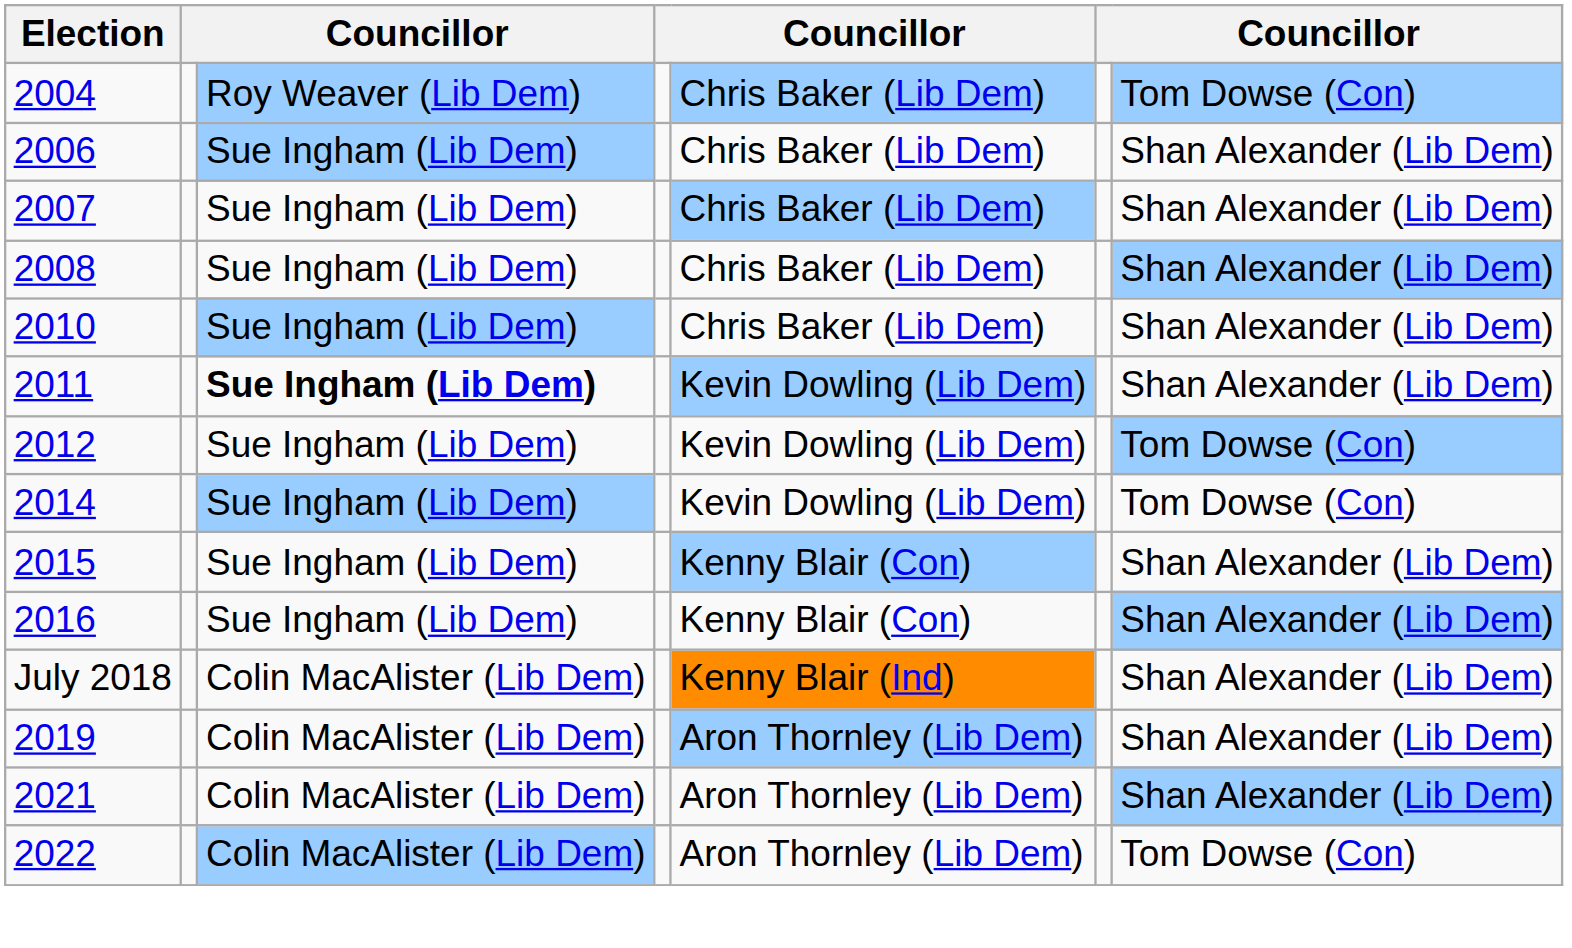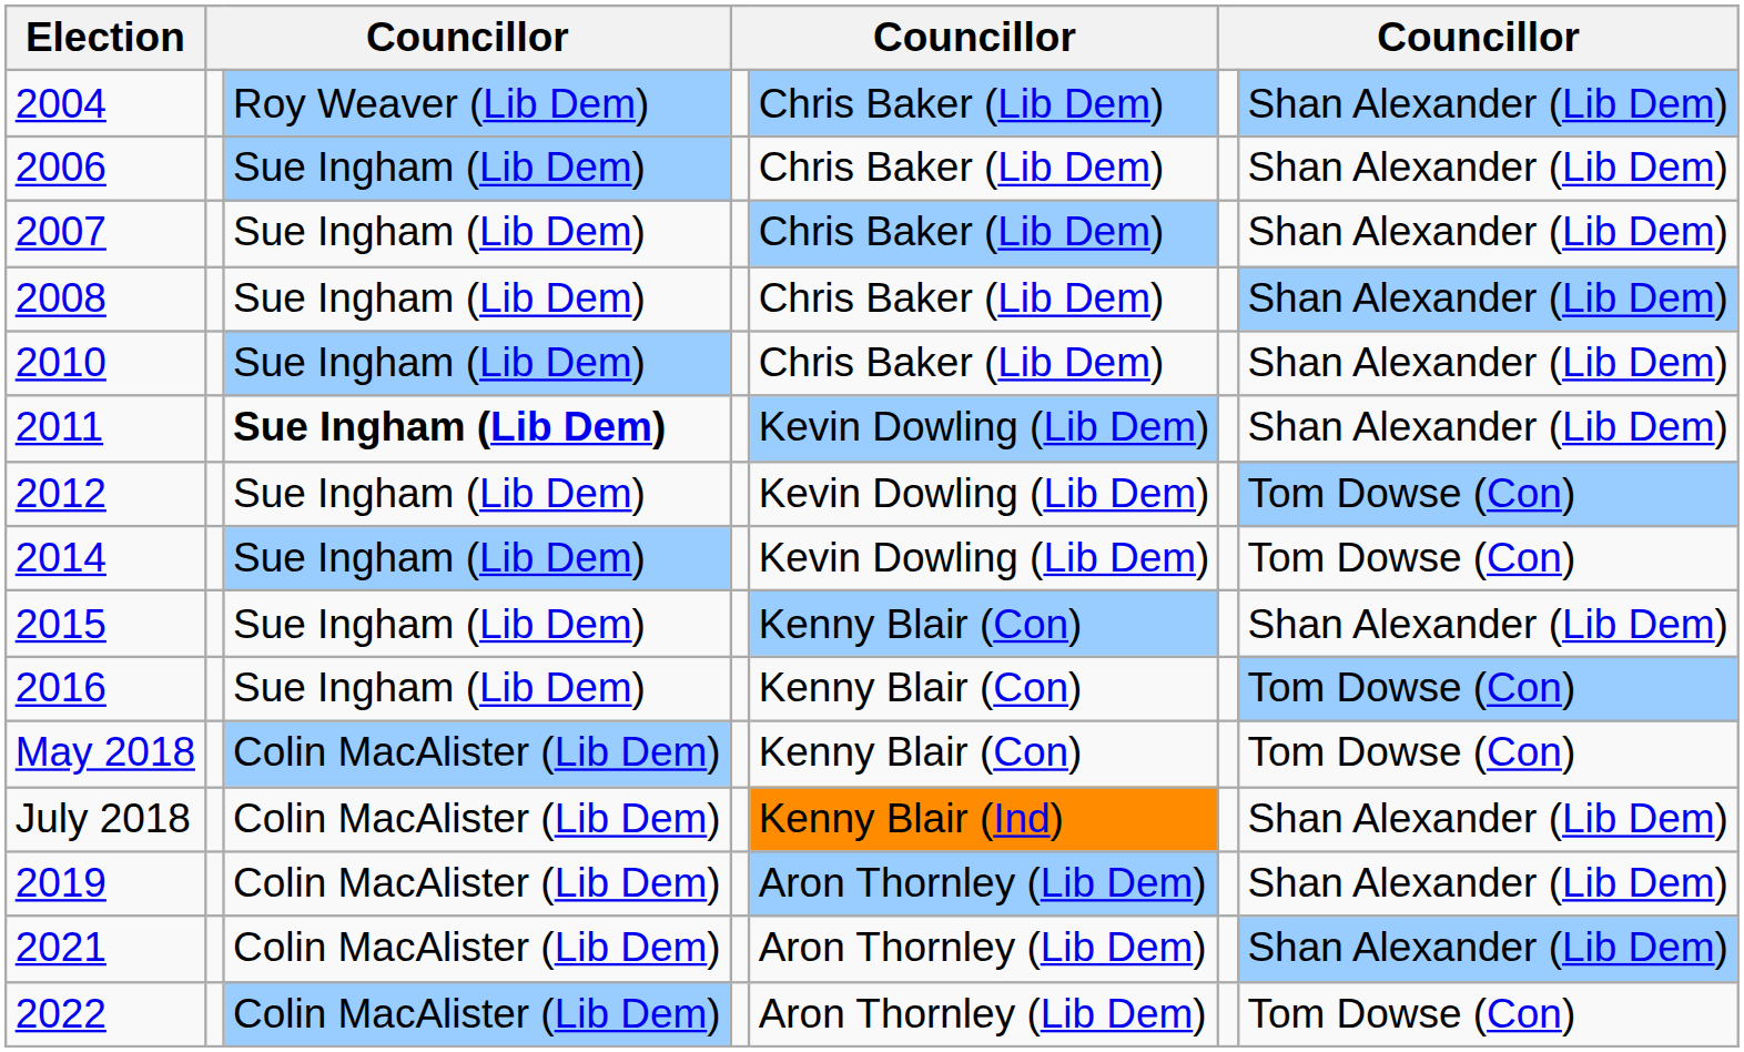 <table class="wikitable">
 <tr>
 <th>Election</th>
 <th colspan="2">Councillor</th>
 <th colspan="2">Councillor</th>
 <th colspan="2">Councillor</th>
 </tr>
 <tr>
 <td><a href='#'>2004</a></td>
 <td style="background-color: "></td>
 <td bgcolor="#99CCFF">Roy Weaver (<a href='#'>Lib Dem</a>)</td>
 <td style="background-color: "></td>
 <td bgcolor="#99CCFF">Chris Baker (<a href='#'>Lib Dem</a>)</td>
 <td style="background-color: "></td>
-<td bgcolor="#99CCFF">Tom Dowse (<a href='#'>Con</a>)</td>
+<td bgcolor="#99CCFF">Shan Alexander (<a href='#'>Lib Dem</a>)</td>
 </tr>
 <tr>
 <td><a href='#'>2006</a></td>
 <td style="background-color: "></td>
 <td bgcolor="#99CCFF">Sue Ingham (<a href='#'>Lib Dem</a>)</td>
 <td style="background-color: "></td>
 <td>Chris Baker (<a href='#'>Lib Dem</a>)</td>
 <td style="background-color: "></td>
 <td>Shan Alexander (<a href='#'>Lib Dem</a>)</td>
 </tr>
 <tr>
 <td><a href='#'>2007</a></td>
 <td style="background-color: "></td>
 <td>Sue Ingham (<a href='#'>Lib Dem</a>)</td>
 <td style="background-color: "></td>
 <td bgcolor="#99CCFF">Chris Baker (<a href='#'>Lib Dem</a>)</td>
 <td style="background-color: "></td>
 <td>Shan Alexander (<a href='#'>Lib Dem</a>)</td>
 </tr>
 <tr>
 <td><a href='#'>2008</a></td>
 <td style="background-color: "></td>
 <td>Sue Ingham (<a href='#'>Lib Dem</a>)</td>
 <td style="background-color: "></td>
 <td>Chris Baker (<a href='#'>Lib Dem</a>)</td>
 <td style="background-color: "></td>
 <td bgcolor="#99CCFF">Shan Alexander (<a href='#'>Lib Dem</a>)</td>
 </tr>
 <tr>
 <td><a href='#'>2010</a></td>
 <td style="background-color: "></td>
 <td bgcolor="#99CCFF">Sue Ingham (<a href='#'>Lib Dem</a>)</td>
 <td style="background-color: "></td>
 <td>Chris Baker (<a href='#'>Lib Dem</a>)</td>
 <td style="background-color: "></td>
 <td>Shan Alexander (<a href='#'>Lib Dem</a>)</td>
 </tr>
 <tr>
 <td><a href='#'>2011</a></td>
 <td style="background-color: "></td>
 <td><strong>Sue Ingham (<a href='#'>Lib Dem</a>)</strong></td>
 <td style="background-color: "></td>
 <td bgcolor="#99CCFF">Kevin Dowling (<a href='#'>Lib Dem</a>)</td>
 <td style="background-color: "></td>
 <td>Shan Alexander (<a href='#'>Lib Dem</a>)</td>
 </tr>
 <tr>
 <td><a href='#'>2012</a></td>
 <td style="background-color: "></td>
 <td>Sue Ingham (<a href='#'>Lib Dem</a>)</td>
 <td style="background-color: "></td>
 <td>Kevin Dowling (<a href='#'>Lib Dem</a>)</td>
 <td style="background-color: "></td>
 <td bgcolor="#99CCFF">Tom Dowse (<a href='#'>Con</a>)</td>
 </tr>
 <tr>
 <td><a href='#'>2014</a></td>
 <td style="background-color: "></td>
 <td bgcolor="#99CCFF">Sue Ingham (<a href='#'>Lib Dem</a>)</td>
 <td style="background-color: "></td>
 <td>Kevin Dowling (<a href='#'>Lib Dem</a>)</td>
 <td style="background-color: "></td>
 <td>Tom Dowse (<a href='#'>Con</a>)</td>
 </tr>
 <tr>
 <td><a href='#'>2015</a></td>
 <td style="background-color: "></td>
 <td>Sue Ingham (<a href='#'>Lib Dem</a>)</td>
 <td style="background-color: "></td>
 <td bgcolor="#99CCFF">Kenny Blair (<a href='#'>Con</a>)</td>
 <td style="background-color: "></td>
 <td>Shan Alexander (<a href='#'>Lib Dem</a>)</td>
 </tr>
 <tr>
 <td><a href='#'>2016</a></td>
 <td style="background-color: "></td>
 <td>Sue Ingham (<a href='#'>Lib Dem</a>)</td>
 <td style="background-color: "></td>
 <td>Kenny Blair (<a href='#'>Con</a>)</td>
 <td style="background-color: "></td>
-<td bgcolor="#99CCFF">Shan Alexander (<a href='#'>Lib Dem</a>)</td>
+<td bgcolor="#99CCFF">Tom Dowse (<a href='#'>Con</a>)</td>
+</tr>
+<tr>
+<td><a href='#'>May 2018</a></td>
+<td style="background-color: "></td>
+<td bgcolor="#99CCFF">Colin MacAlister (<a href='#'>Lib Dem</a>)</td>
+<td style="background-color: "></td>
+<td>Kenny Blair (<a href='#'>Con</a>)</td>
+<td style="background-color: "></td>
+<td>Tom Dowse (<a href='#'>Con</a>)</td>
 </tr>
 <tr>
 <td>July 2018</td>
 <td style="background-color: "></td>
 <td>Colin MacAlister (<a href='#'>Lib Dem</a>)</td>
 <td style="background-color: "></td>
 <td bgcolor="#FF8C00">Kenny Blair (<a href='#'>Ind</a>)</td>
 <td style="background-color: "></td>
 <td>Shan Alexander (<a href='#'>Lib Dem</a>)</td>
 </tr>
 <tr>
 <td><a href='#'>2019</a></td>
 <td style="background-color: "></td>
 <td>Colin MacAlister (<a href='#'>Lib Dem</a>)</td>
 <td style="background-color: "></td>
 <td bgcolor="#99CCFF">Aron Thornley (<a href='#'>Lib Dem</a>)</td>
 <td style="background-color: "></td>
 <td>Shan Alexander (<a href='#'>Lib Dem</a>)</td>
 </tr>
 <tr>
 <td><a href='#'>2021</a></td>
 <td style="background-color: "></td>
 <td>Colin MacAlister (<a href='#'>Lib Dem</a>)</td>
 <td style="background-color: "></td>
 <td>Aron Thornley (<a href='#'>Lib Dem</a>)</td>
 <td style="background-color: "></td>
 <td bgcolor="#99CCFF">Shan Alexander (<a href='#'>Lib Dem</a>)</td>
 </tr>
 <tr>
 <td><a href='#'>2022</a></td>
 <td style="background-color: "></td>
 <td bgcolor="#99CCFF">Colin MacAlister (<a href='#'>Lib Dem</a>)</td>
 <td style="background-color: "></td>
 <td>Aron Thornley (<a href='#'>Lib Dem</a>)</td>
 <td style="background-color: "></td>
 <td>Tom Dowse (<a href='#'>Con</a>)</td>
 </tr>
 </table>
